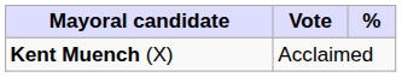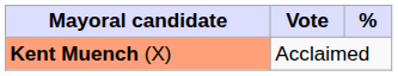 <table class="wikitable">
 <tr>
 <th style="background:#ddf; width:200px;">Mayoral candidate</th>
 <th style="background:#ddf; width:50px;">Vote</th>
 <th style="background:#ddf; width:30px;">%</th>
 </tr>
 <tr>
-<td><strong>Kent Muench</strong> (X)</td>
+<td style="background: lightsalmon;"><strong>Kent Muench</strong> (X)</td>
 <td colspan="2">Acclaimed</td>
 </tr>
 </table>
